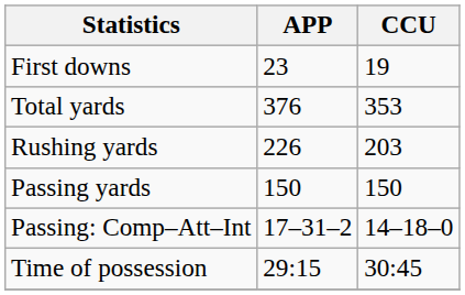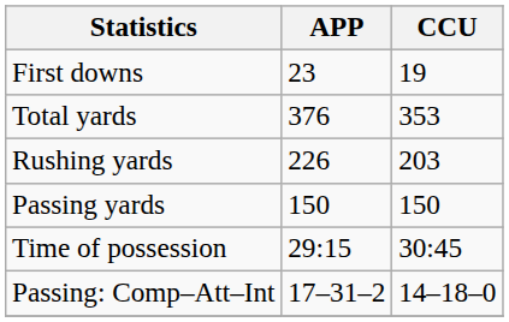 <table class="wikitable" style="float: left;">
 <tr>
 <th>Statistics</th>
 <th>APP</th>
 <th>CCU</th>
 </tr>
 <tr>
 <td>First downs</td>
 <td>23</td>
 <td>19</td>
 </tr>
 <tr>
 <td>Total yards</td>
 <td>376</td>
 <td>353</td>
 </tr>
 <tr>
 <td>Rushing yards</td>
 <td>226</td>
 <td>203</td>
 </tr>
 <tr>
 <td>Passing yards</td>
 <td>150</td>
 <td>150</td>
 </tr>
 <tr>
+<td>Time of possession</td>
+<td>29:15</td>
+<td>30:45</td>
+</tr>
+<tr>
 <td>Passing: Comp–Att–Int</td>
 <td>17–31–2</td>
 <td>14–18–0</td>
 </tr>
 <tr>
-<td>Time of possession</td>
-<td>29:15</td>
-<td>30:45</td>
-</tr>
-<tr>
 </tr>
 </table>
